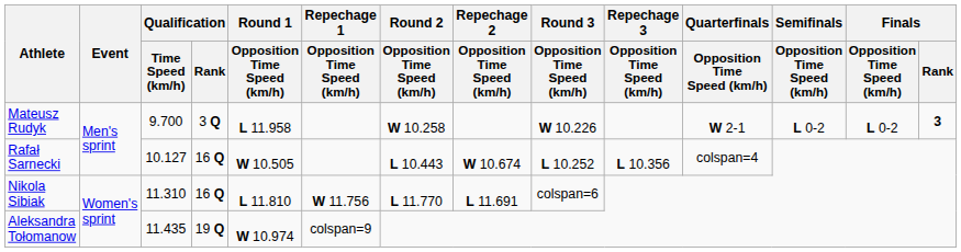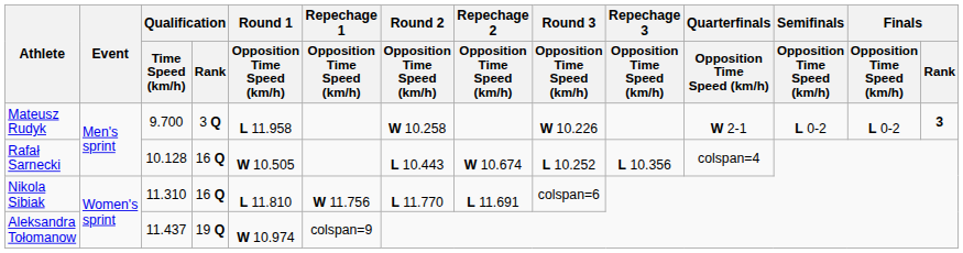 <table class="wikitable" style="font-size:90%">
 <tr>
 <th rowspan=2>Athlete</th>
 <th rowspan=2>Event</th>
 <th colspan=2>Qualification</th>
 <th>Round 1</th>
 <th>Repechage 1</th>
 <th>Round 2</th>
 <th>Repechage 2</th>
 <th>Round 3</th>
 <th>Repechage 3</th>
 <th>Quarterfinals</th>
 <th>Semifinals</th>
 <th colspan=2>Finals</th>
 </tr>
 <tr style="font-size:95%">
 <th>Time<br>Speed (km/h)</th>
 <th>Rank</th>
 <th>Opposition<br>Time<br>Speed (km/h)</th>
 <th>Opposition<br>Time<br>Speed (km/h)</th>
 <th>Opposition<br>Time<br>Speed (km/h)</th>
 <th>Opposition<br>Time<br>Speed (km/h)</th>
 <th>Opposition<br>Time<br>Speed (km/h)</th>
 <th>Opposition<br>Time<br>Speed (km/h)</th>
 <th>Opposition<br>Time<br>Speed (km/h)</th>
 <th>Opposition<br>Time<br>Speed (km/h)</th>
 <th>Opposition<br>Time<br>Speed (km/h)</th>
 <th>Rank</th>
 </tr>
 <tr align=center>
 <td align=left><a href='#'>Mateusz Rudyk</a></td>
 <td align=left rowspan=2><a href='#'>Men's sprint</a></td>
 <td>9.700</td>
 <td>3 <strong>Q</strong></td>
 <td><br><strong>L</strong> 11.958</td>
 <td></td>
 <td><br><strong>W</strong> 10.258</td>
 <td></td>
 <td><br><strong>W</strong> 10.226</td>
 <td></td>
 <td><br><strong>W</strong> 2-1</td>
 <td><br><strong>L</strong> 0-2</td>
 <td><br><strong>L</strong> 0-2</td>
 <td><strong>3</strong></td>
 </tr>
 <tr align=center>
 <td align=left><a href='#'>Rafał Sarnecki</a></td>
-<td>10.127</td>
+<td>10.128</td>
 <td>16 <strong>Q</strong></td>
 <td><br><strong>W</strong> 10.505</td>
 <td></td>
 <td><br><strong>L</strong> 10.443</td>
 <td><br><strong>W</strong> 10.674</td>
 <td><br><strong>L</strong> 10.252</td>
 <td><br><strong>L</strong> 10.356</td>
 <td>colspan=4 </td>
 </tr>
 <tr align=center>
 <td align=left><a href='#'>Nikola Sibiak</a></td>
 <td align=left rowspan=2><a href='#'>Women's sprint</a></td>
 <td>11.310</td>
 <td>16 <strong>Q</strong></td>
 <td><br><strong>L</strong> 11.810</td>
 <td><br><strong>W</strong> 11.756</td>
 <td><br><strong>L</strong> 11.770</td>
 <td><br><strong>L</strong> 11.691</td>
 <td>colspan=6 </td>
 </tr>
 <tr align=center>
 <td align=left><a href='#'>Aleksandra Tołomanow</a></td>
-<td>11.435</td>
+<td>11.437</td>
 <td>19 <strong>Q</strong></td>
 <td><br><strong>W</strong> 10.974</td>
 <td>colspan=9 </td>
 </tr>
 </table>
